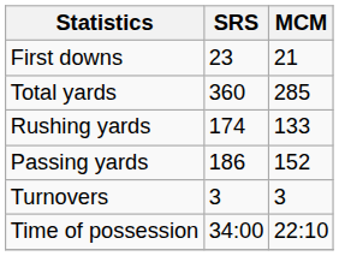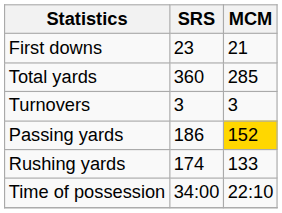 <table class="wikitable" style="float: left;">
 <tr>
 <th>Statistics</th>
 <th>SRS</th>
 <th>MCM</th>
 </tr>
 <tr>
 <td>First downs</td>
 <td>23</td>
 <td>21</td>
 </tr>
 <tr>
 <td>Total yards</td>
 <td>360</td>
 <td>285</td>
 </tr>
 <tr>
-<td>Rushing yards</td>
-<td>174</td>
-<td>133</td>
+<td>Turnovers</td>
+<td>3</td>
+<td>3</td>
 </tr>
 <tr>
 <td>Passing yards</td>
 <td>186</td>
-<td>152</td>
+<td style="background: gold;">152</td>
 </tr>
 <tr>
-<td>Turnovers</td>
-<td>3</td>
-<td>3</td>
+<td>Rushing yards</td>
+<td>174</td>
+<td>133</td>
 </tr>
 <tr>
 <td>Time of possession</td>
 <td>34:00</td>
 <td>22:10</td>
 </tr>
 <tr>
 </tr>
 </table>
